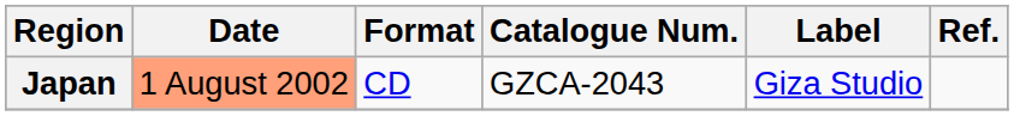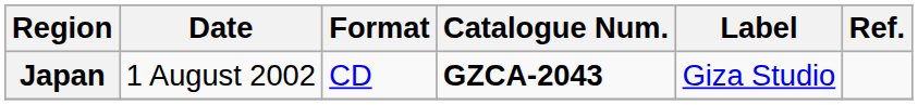 <table class="wikitable sortable plainrowheaders">
 <tr>
 <th scope="col">Region</th>
 <th scope="col">Date</th>
 <th scope="col">Format</th>
 <th scope="col">Catalogue Num.</th>
 <th scope="col">Label</th>
 <th scope="col">Ref.</th>
 </tr>
 <tr>
 <th scope="row">Japan</th>
-<td style="background: lightsalmon;">1 August 2002</td>
+<td>1 August 2002</td>
 <td><a href='#'>CD</a></td>
-<td>GZCA-2043</td>
+<td><strong>GZCA-2043</strong></td>
 <td><a href='#'>Giza Studio</a></td>
 <td></td>
 </tr>
 <tr>
 </tr>
 </table>
